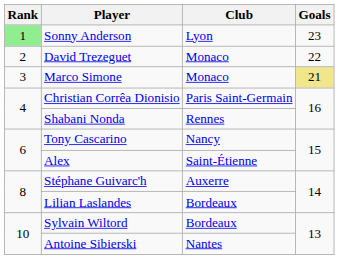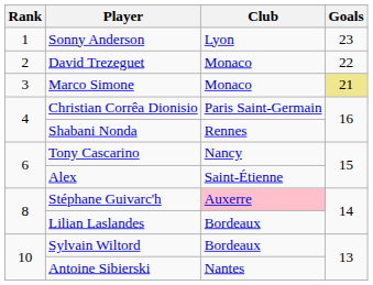 <table class="wikitable">
 <tr>
 <th scope="col">Rank</th>
 <th scope="col">Player</th>
 <th scope="col">Club</th>
 <th scope="col">Goals</th>
 </tr>
 <tr>
-<td style="background: lightgreen; text-align: center;">1</td>
+<td style="text-align: center;">1</td>
 <td> <a href='#'>Sonny Anderson</a></td>
 <td><a href='#'>Lyon</a></td>
 <td style="text-align: center;">23</td>
 </tr>
 <tr>
 <td style="text-align: center;">2</td>
 <td> <a href='#'>David Trezeguet</a></td>
 <td><a href='#'>Monaco</a></td>
 <td style="text-align: center;">22</td>
 </tr>
 <tr>
 <td style="text-align: center;">3</td>
 <td> <a href='#'>Marco Simone</a></td>
 <td><a href='#'>Monaco</a></td>
 <td style="background: khaki; text-align: center;">21</td>
 </tr>
 <tr>
 <td style="text-align: center;" rowspan="2">4</td>
 <td> <a href='#'>Christian Corrêa Dionisio</a></td>
 <td><a href='#'>Paris Saint-Germain</a></td>
 <td style="text-align: center;" rowspan="2">16</td>
 </tr>
 <tr>
 <td> <a href='#'>Shabani Nonda</a></td>
 <td><a href='#'>Rennes</a></td>
 </tr>
 <tr>
 <td style="text-align: center;" rowspan="2">6</td>
 <td> <a href='#'>Tony Cascarino</a></td>
 <td><a href='#'>Nancy</a></td>
 <td style="text-align: center;" rowspan="2">15</td>
 </tr>
 <tr>
 <td> <a href='#'>Alex</a></td>
 <td><a href='#'>Saint-Étienne</a></td>
 </tr>
 <tr>
 <td style="text-align: center;" rowspan="2">8</td>
 <td> <a href='#'>Stéphane Guivarc'h</a></td>
-<td><a href='#'>Auxerre</a></td>
+<td style="background: pink;"><a href='#'>Auxerre</a></td>
 <td style="text-align: center;" rowspan="2">14</td>
 </tr>
 <tr>
 <td> <a href='#'>Lilian Laslandes</a></td>
 <td><a href='#'>Bordeaux</a></td>
 </tr>
 <tr>
 <td style="text-align: center;" rowspan="2">10</td>
 <td> <a href='#'>Sylvain Wiltord</a></td>
 <td><a href='#'>Bordeaux</a></td>
 <td style="text-align: center;" rowspan="2">13</td>
 </tr>
 <tr>
 <td> <a href='#'>Antoine Sibierski</a></td>
 <td><a href='#'>Nantes</a></td>
 </tr>
 </table>
